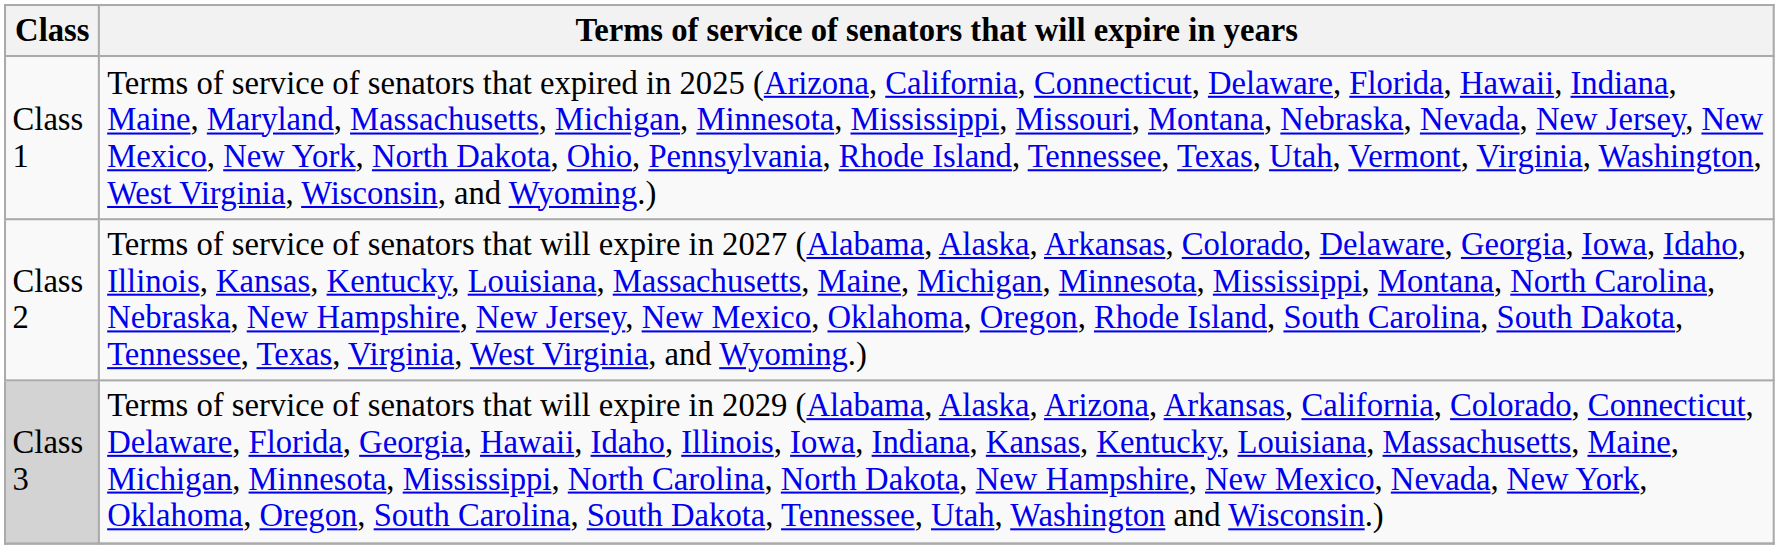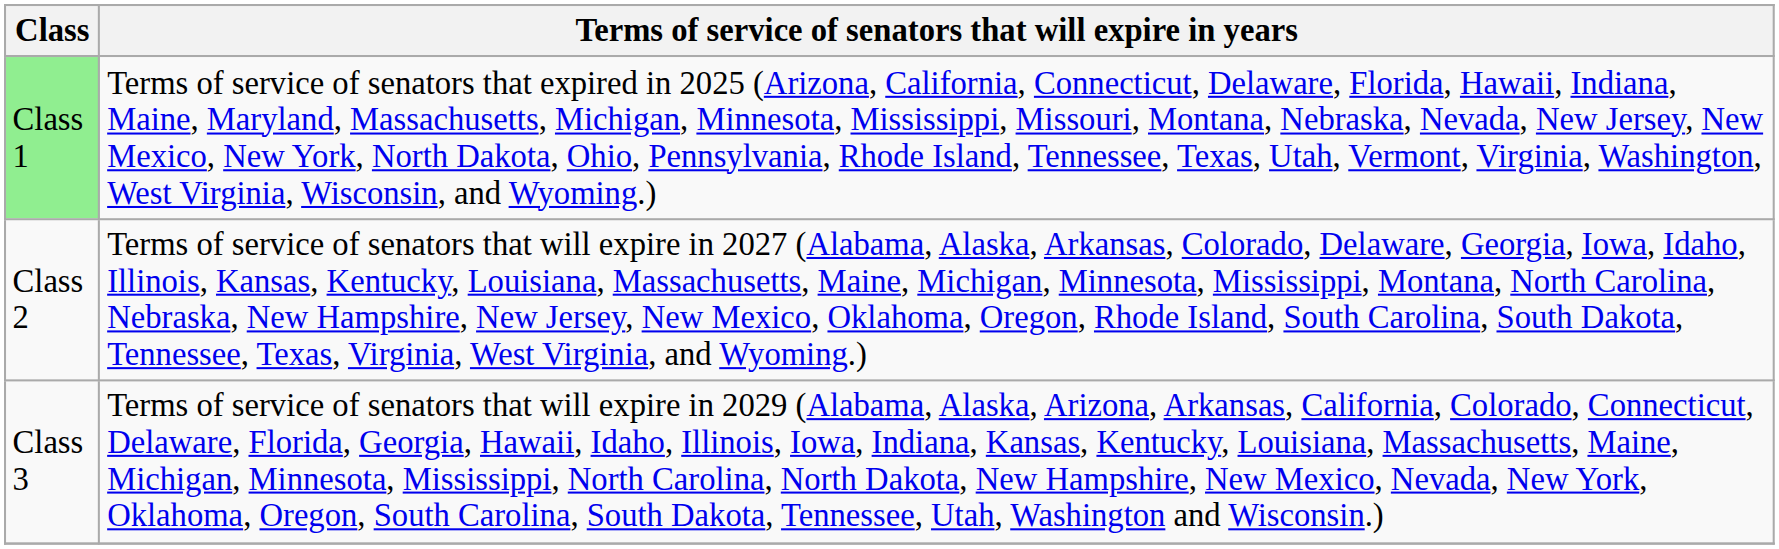 <table class="wikitable sortable">
 <tr valign=bottom>
 <th>Class</th>
 <th>Terms of service of senators that will expire in years</th>
 </tr>
 <tr>
-<td>Class 1</td>
+<td style="background: lightgreen;">Class 1</td>
 <td>Terms of service of senators that expired in 2025 (<a href='#'>Arizona</a>, <a href='#'>California</a>, <a href='#'>Connecticut</a>, <a href='#'>Delaware</a>, <a href='#'>Florida</a>, <a href='#'>Hawaii</a>, <a href='#'>Indiana</a>, <a href='#'>Maine</a>, <a href='#'>Maryland</a>, <a href='#'>Massachusetts</a>, <a href='#'>Michigan</a>, <a href='#'>Minnesota</a>, <a href='#'>Mississippi</a>, <a href='#'>Missouri</a>, <a href='#'>Montana</a>, <a href='#'>Nebraska</a>, <a href='#'>Nevada</a>, <a href='#'>New Jersey</a>, <a href='#'>New Mexico</a>, <a href='#'>New York</a>, <a href='#'>North Dakota</a>, <a href='#'>Ohio</a>, <a href='#'>Pennsylvania</a>, <a href='#'>Rhode Island</a>, <a href='#'>Tennessee</a>, <a href='#'>Texas</a>, <a href='#'>Utah</a>, <a href='#'>Vermont</a>, <a href='#'>Virginia</a>, <a href='#'>Washington</a>, <a href='#'>West Virginia</a>, <a href='#'>Wisconsin</a>, and <a href='#'>Wyoming</a>.)</td>
 </tr>
 <tr>
 <td>Class 2</td>
 <td>Terms of service of senators that will expire in 2027 (<a href='#'>Alabama</a>, <a href='#'>Alaska</a>, <a href='#'>Arkansas</a>, <a href='#'>Colorado</a>, <a href='#'>Delaware</a>, <a href='#'>Georgia</a>, <a href='#'>Iowa</a>, <a href='#'>Idaho</a>, <a href='#'>Illinois</a>, <a href='#'>Kansas</a>, <a href='#'>Kentucky</a>, <a href='#'>Louisiana</a>, <a href='#'>Massachusetts</a>, <a href='#'>Maine</a>, <a href='#'>Michigan</a>, <a href='#'>Minnesota</a>, <a href='#'>Mississippi</a>, <a href='#'>Montana</a>, <a href='#'>North Carolina</a>, <a href='#'>Nebraska</a>, <a href='#'>New Hampshire</a>, <a href='#'>New Jersey</a>, <a href='#'>New Mexico</a>, <a href='#'>Oklahoma</a>, <a href='#'>Oregon</a>, <a href='#'>Rhode Island</a>, <a href='#'>South Carolina</a>, <a href='#'>South Dakota</a>, <a href='#'>Tennessee</a>, <a href='#'>Texas</a>, <a href='#'>Virginia</a>, <a href='#'>West Virginia</a>, and <a href='#'>Wyoming</a>.)</td>
 </tr>
 <tr>
-<td style="background: lightgrey;">Class 3</td>
+<td>Class 3</td>
 <td>Terms of service of senators that will expire in 2029 (<a href='#'>Alabama</a>, <a href='#'>Alaska</a>, <a href='#'>Arizona</a>, <a href='#'>Arkansas</a>, <a href='#'>California</a>, <a href='#'>Colorado</a>, <a href='#'>Connecticut</a>, <a href='#'>Delaware</a>, <a href='#'>Florida</a>, <a href='#'>Georgia</a>, <a href='#'>Hawaii</a>, <a href='#'>Idaho</a>, <a href='#'>Illinois</a>, <a href='#'>Iowa</a>, <a href='#'>Indiana</a>, <a href='#'>Kansas</a>, <a href='#'>Kentucky</a>, <a href='#'>Louisiana</a>, <a href='#'>Massachusetts</a>, <a href='#'>Maine</a>, <a href='#'>Michigan</a>, <a href='#'>Minnesota</a>, <a href='#'>Mississippi</a>, <a href='#'>North Carolina</a>, <a href='#'>North Dakota</a>, <a href='#'>New Hampshire</a>, <a href='#'>New Mexico</a>, <a href='#'>Nevada</a>, <a href='#'>New York</a>, <a href='#'>Oklahoma</a>, <a href='#'>Oregon</a>, <a href='#'>South Carolina</a>, <a href='#'>South Dakota</a>, <a href='#'>Tennessee</a>, <a href='#'>Utah</a>, <a href='#'>Washington</a> and <a href='#'>Wisconsin</a>.)</td>
 </tr>
 <tr>
 </tr>
 </table>
